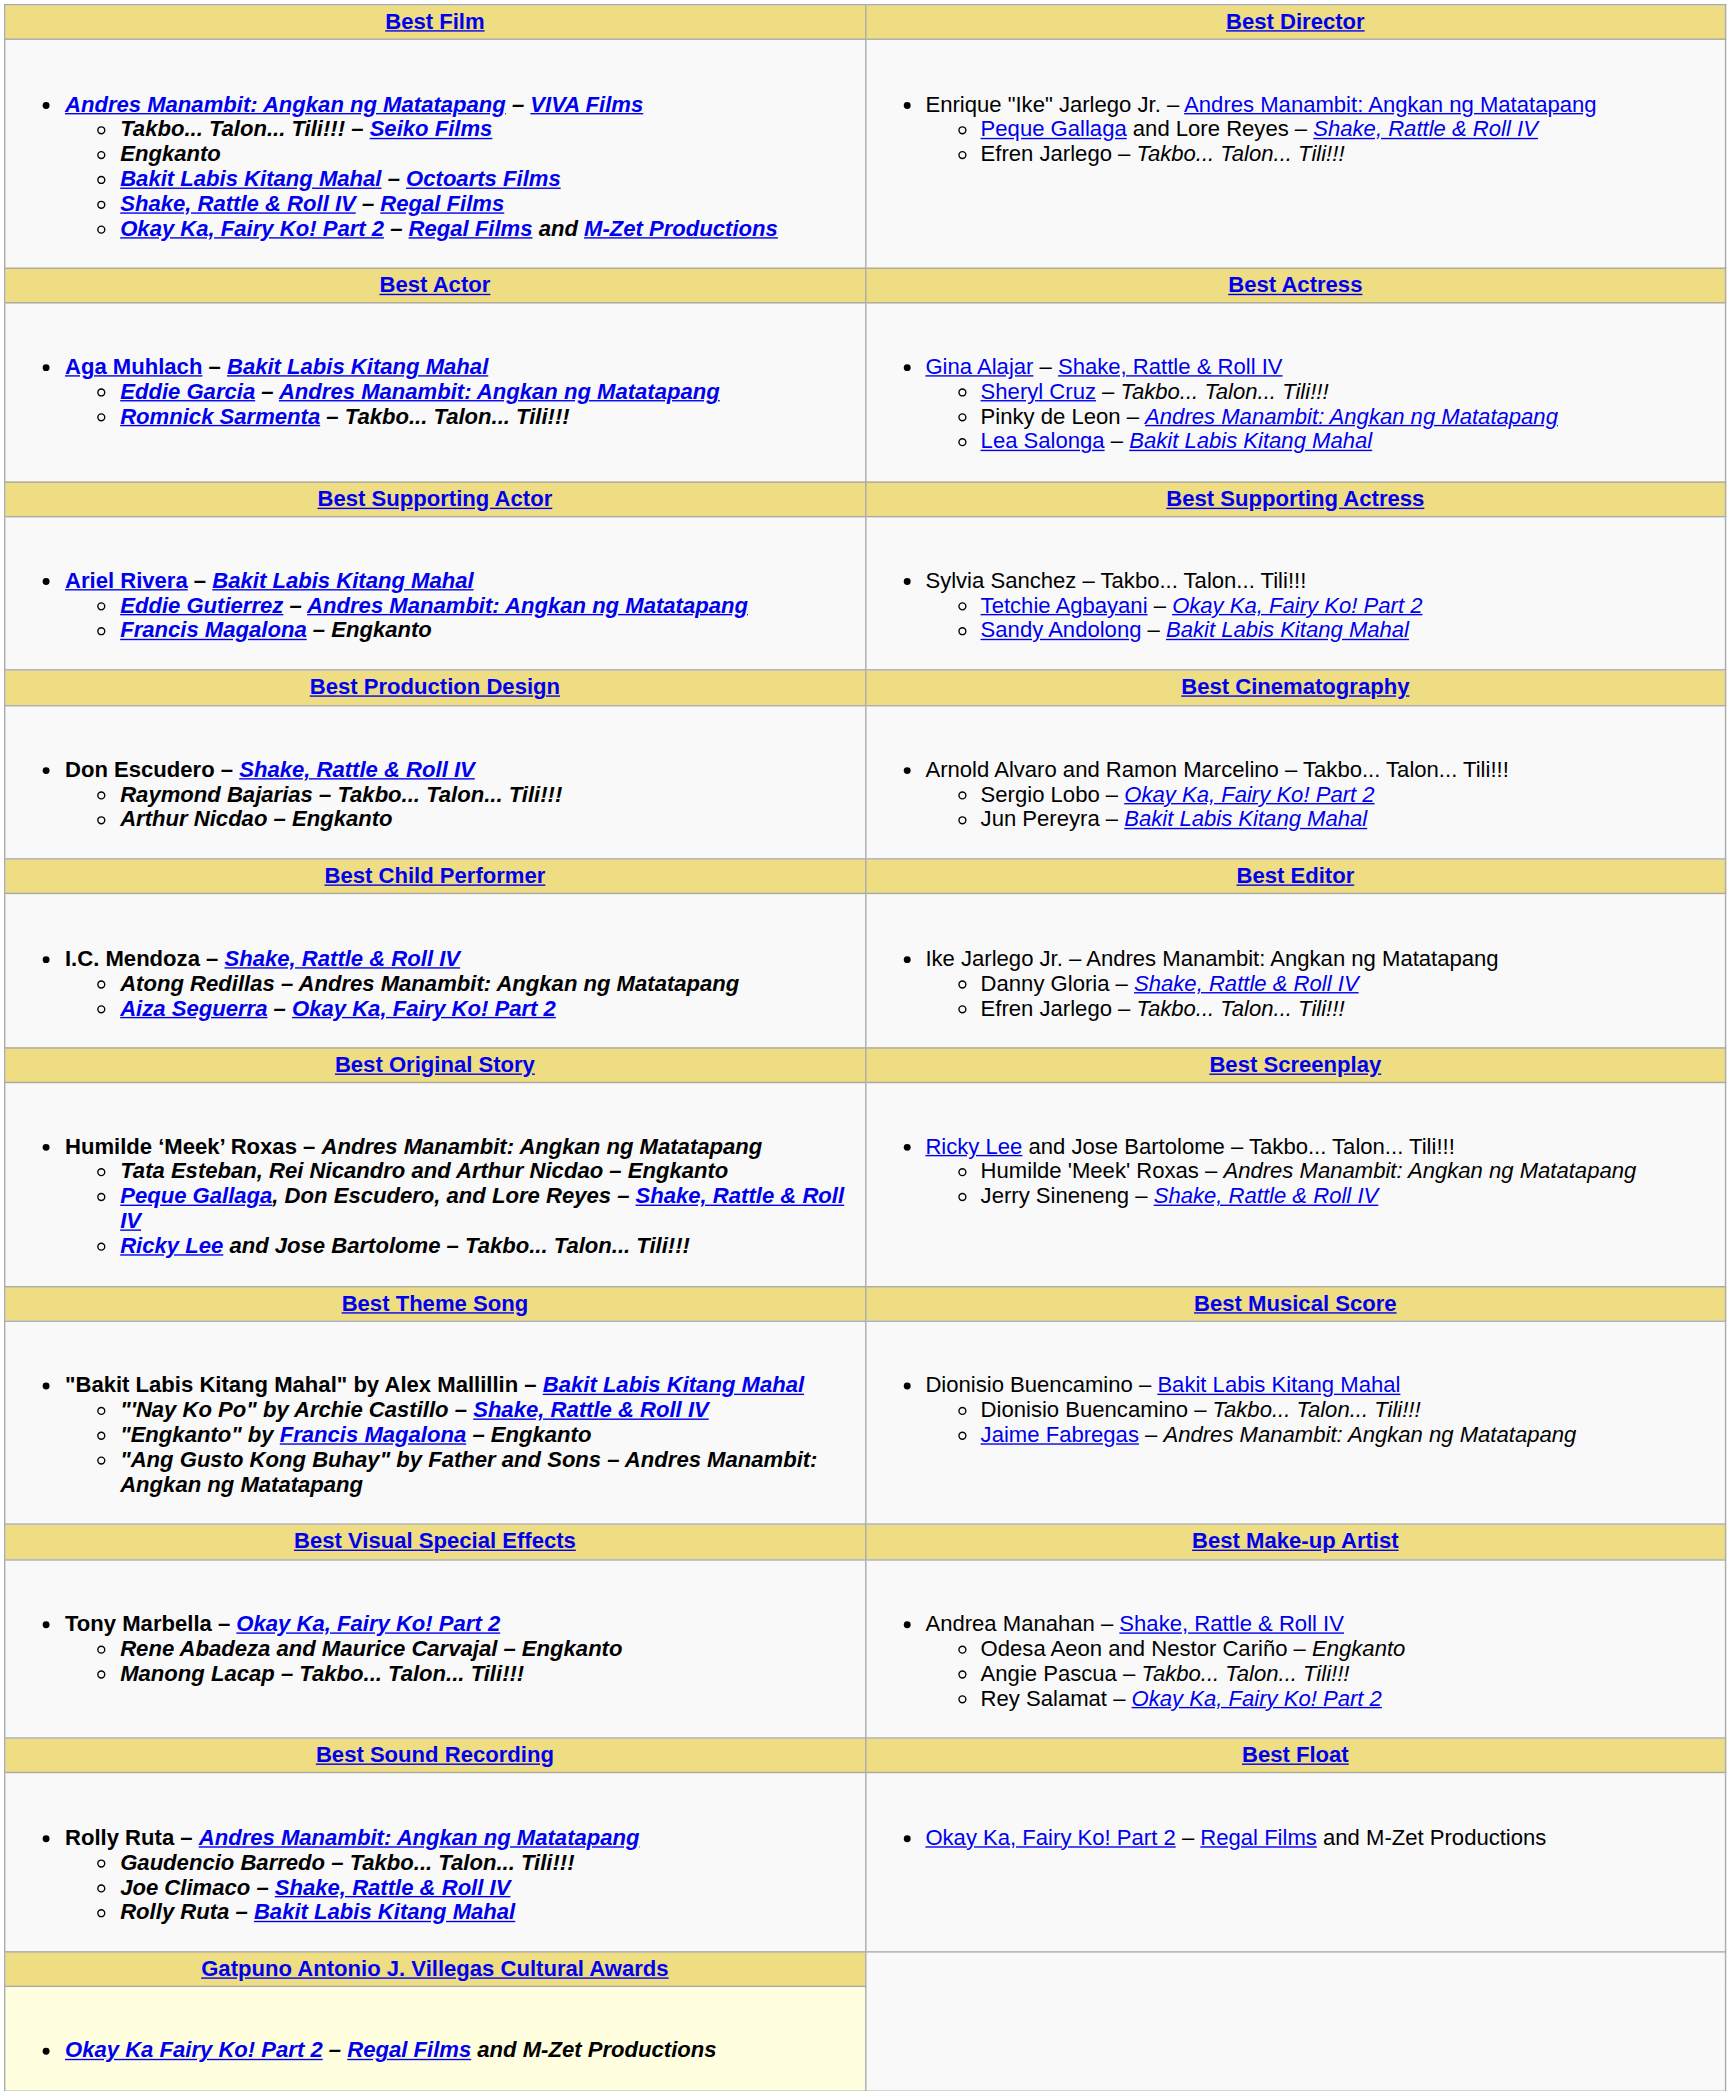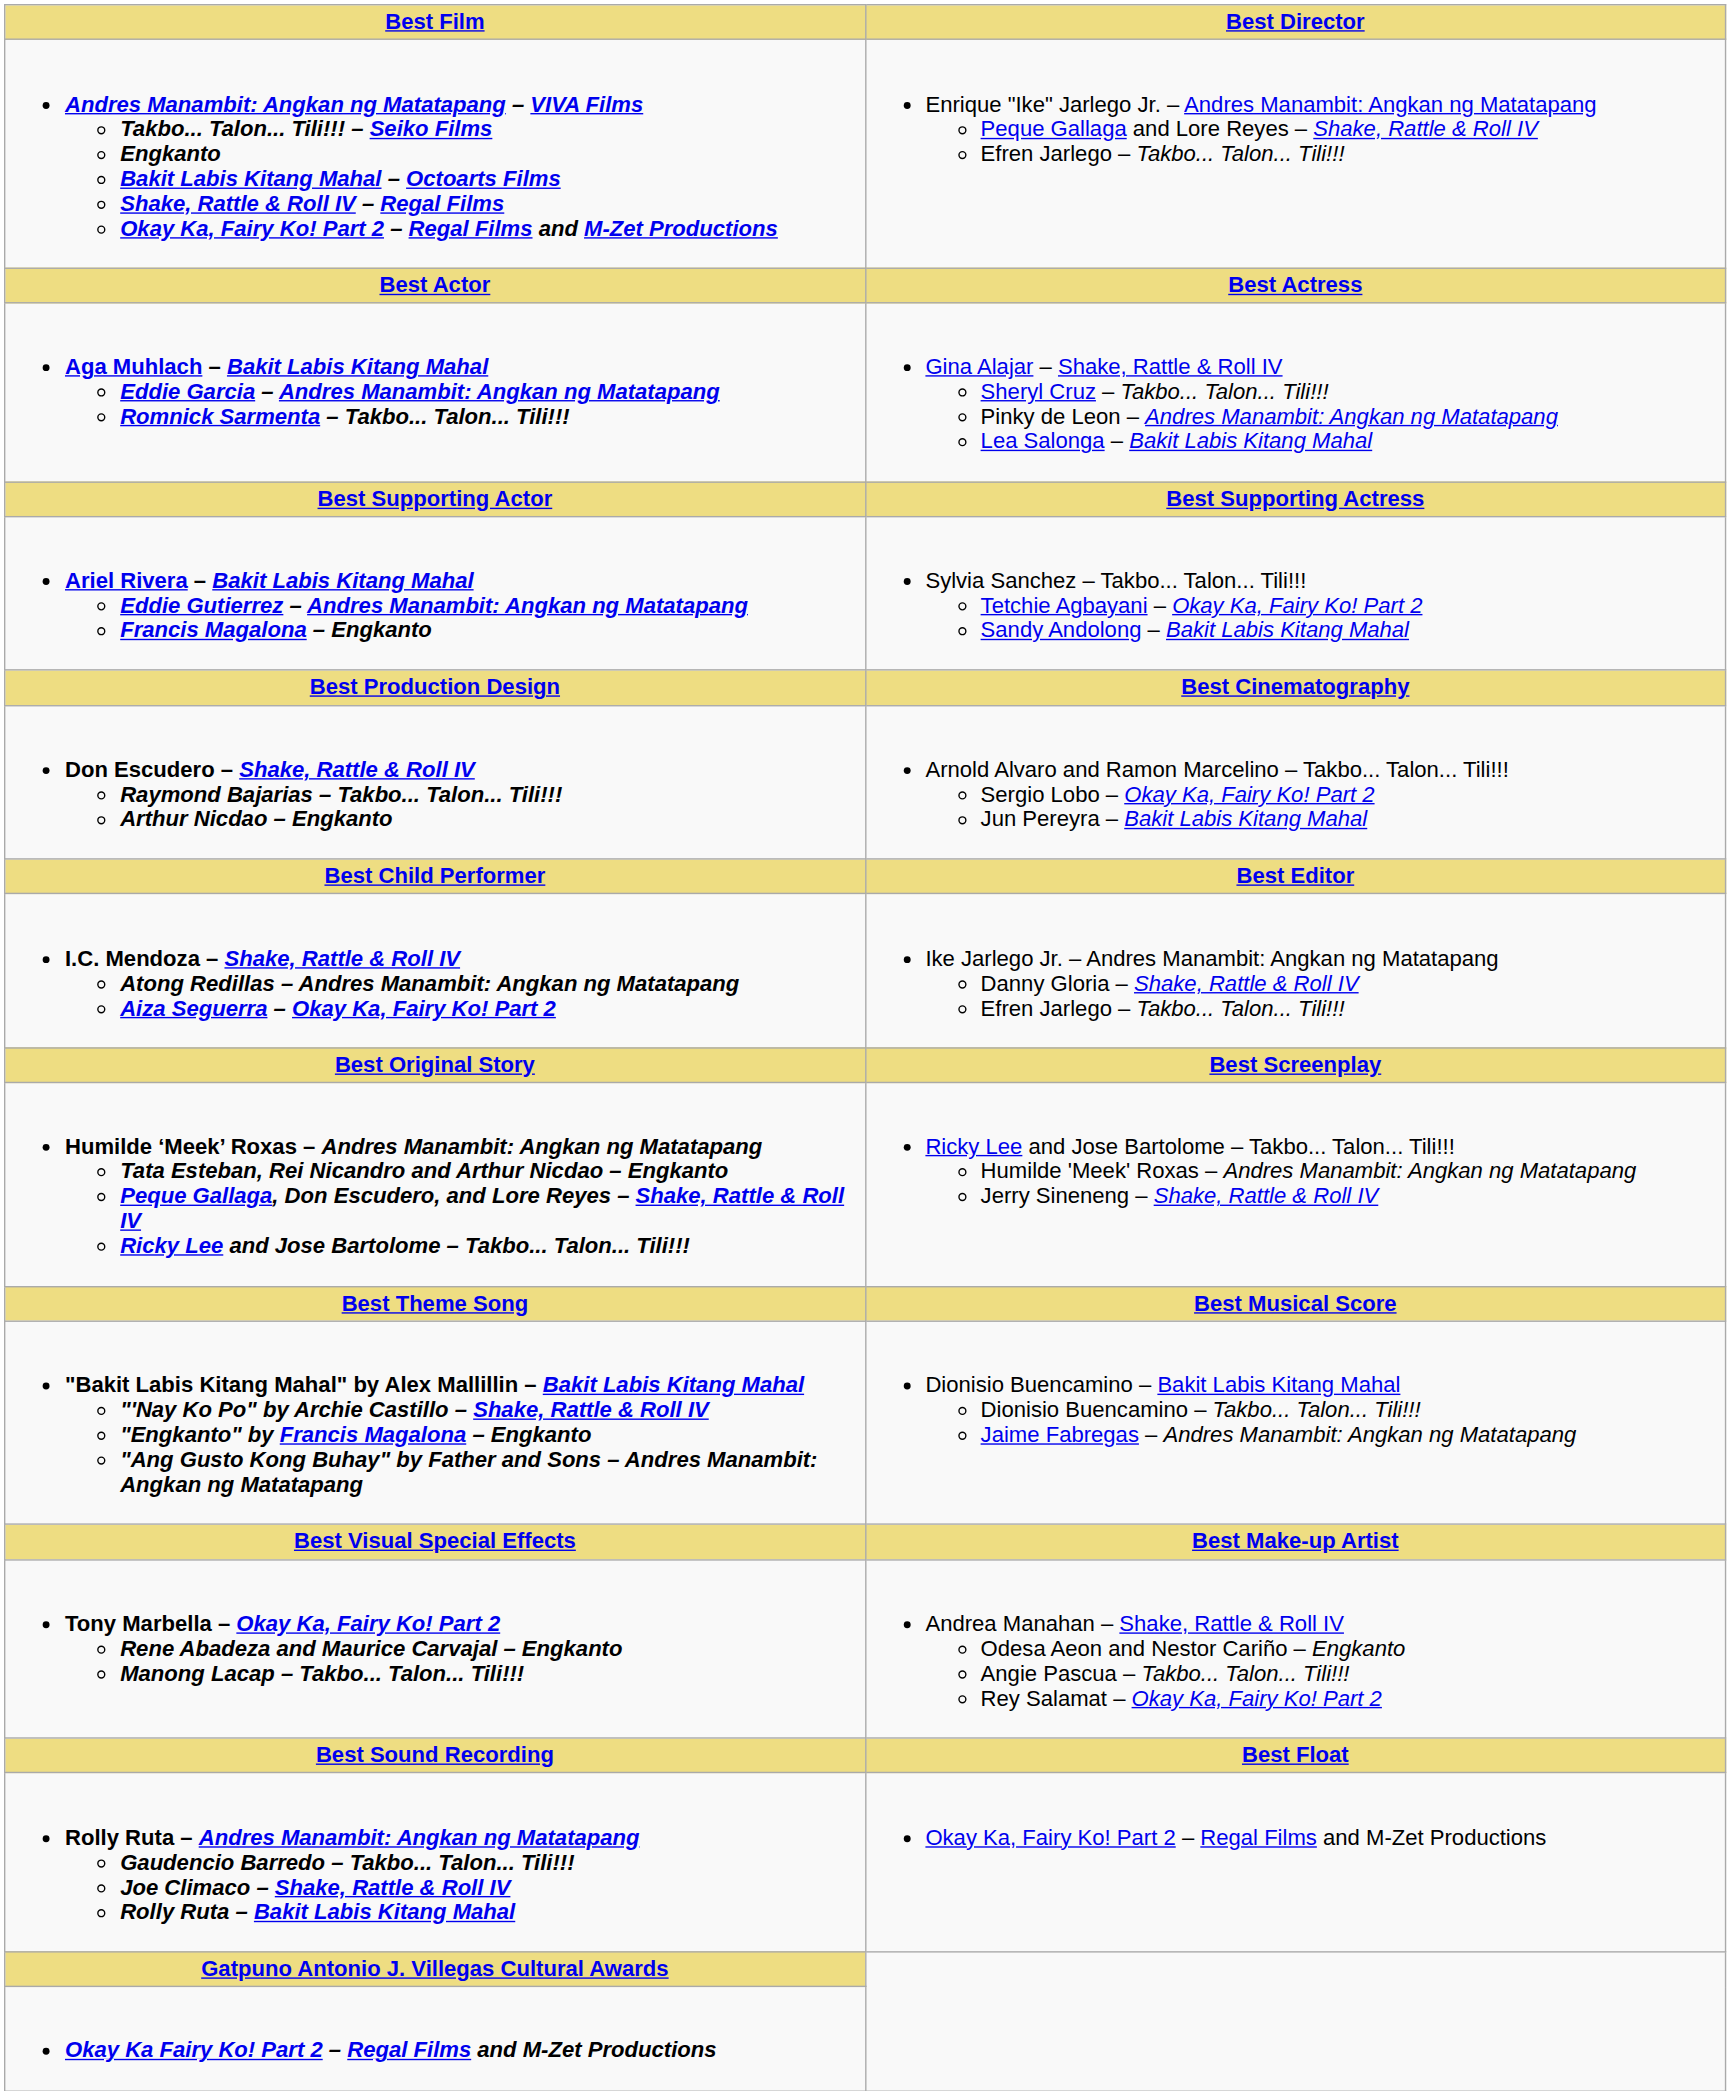 <table class=wikitable>
 <tr>
 <th style="background:#EEDD82; width:50%"><a href='#'>Best Film</a></th>
 <th style="background:#EEDD82; width:50%"><a href='#'>Best Director</a></th>
 </tr>
 <tr>
 <td valign="top"><br><ul><li><strong><em><a href='#'>Andres Manambit: Angkan ng Matatapang</a><em> – <a href='#'>VIVA Films</a><strong><ul><li></em>Takbo... Talon... Tili!!!<em> – <a href='#'>Seiko Films</a> </li><li></em>Engkanto<em> </li><li></em><a href='#'>Bakit Labis Kitang Mahal</a><em> – <a href='#'>Octoarts Films</a></li><li></em><a href='#'>Shake, Rattle & Roll IV</a><em> – <a href='#'>Regal Films</a></li><li></em><a href='#'>Okay Ka, Fairy Ko! Part 2</a><em> – <a href='#'>Regal Films</a> and <a href='#'>M-Zet Productions</a></li></ul></li></ul></td>
 <td valign="top"><br><ul><li></strong>Enrique "Ike" Jarlego Jr. – </em><a href='#'>Andres Manambit: Angkan ng Matatapang</a></em></strong><ul><li><a href='#'>Peque Gallaga</a> and Lore Reyes – <em><a href='#'>Shake, Rattle & Roll IV</a></em></li><li>Efren Jarlego – <em>Takbo... Talon... Tili!!!</em></li></ul></li></ul></td>
 </tr>
 <tr>
 <th style="background:#EEDD82; width:50%"><a href='#'>Best Actor</a></th>
 <th style="background:#EEDD82; width:50%"><a href='#'>Best Actress</a></th>
 </tr>
 <tr>
 <td valign="top"><br><ul><li><strong><a href='#'>Aga Muhlach</a> – <em><a href='#'>Bakit Labis Kitang Mahal</a><strong><em><ul><li><a href='#'>Eddie Garcia</a> – </em><a href='#'>Andres Manambit: Angkan ng Matatapang</a><em></li><li><a href='#'>Romnick Sarmenta</a> – </em>Takbo... Talon... Tili!!!<em></li></ul></li></ul></td>
 <td valign="top"><br><ul><li></strong><a href='#'>Gina Alajar</a> – </em><a href='#'>Shake, Rattle & Roll IV</a></em></strong><ul><li><a href='#'>Sheryl Cruz</a> – <em>Takbo... Talon... Tili!!!</em></li><li>Pinky de Leon – <em><a href='#'>Andres Manambit: Angkan ng Matatapang</a></em></li><li><a href='#'>Lea Salonga</a> – <em><a href='#'>Bakit Labis Kitang Mahal</a></em></li></ul></li></ul></td>
 </tr>
 <tr>
 <th style="background:#EEDD82; width:50%"><a href='#'>Best Supporting Actor</a></th>
 <th style="background:#EEDD82; width:50%"><a href='#'>Best Supporting Actress</a></th>
 </tr>
 <tr>
 <td valign="top"><br><ul><li><strong><a href='#'>Ariel Rivera</a> – <em><a href='#'>Bakit Labis Kitang Mahal</a><strong><em><ul><li><a href='#'>Eddie Gutierrez</a> – </em><a href='#'>Andres Manambit: Angkan ng Matatapang</a><em></li><li><a href='#'>Francis Magalona</a> – </em>Engkanto<em></li></ul></li></ul></td>
 <td valign="top"><br><ul><li></strong>Sylvia Sanchez – </em>Takbo... Talon... Tili!!!</em></strong><ul><li><a href='#'>Tetchie Agbayani</a> – <em><a href='#'>Okay Ka, Fairy Ko! Part 2</a></em></li><li><a href='#'>Sandy Andolong</a> – <em><a href='#'>Bakit Labis Kitang Mahal</a></em></li></ul></li></ul></td>
 </tr>
 <tr>
 <th style="background:#EEDD82; width:50%"><a href='#'>Best Production Design</a></th>
 <th style="background:#EEDD82; width:50%"><a href='#'>Best Cinematography</a></th>
 </tr>
 <tr>
 <td valign="top"><br><ul><li><strong>Don Escudero – <em><a href='#'>Shake, Rattle & Roll IV</a><strong><em><ul><li>Raymond Bajarias – </em>Takbo... Talon... Tili!!!<em></li><li>Arthur Nicdao – </em>Engkanto<em></li></ul></li></ul></td>
 <td valign="top"><br><ul><li></strong>Arnold Alvaro and Ramon Marcelino – </em>Takbo... Talon... Tili!!!</em></strong><ul><li>Sergio Lobo – <em><a href='#'>Okay Ka, Fairy Ko! Part 2</a></em></li><li>Jun Pereyra – <em><a href='#'>Bakit Labis Kitang Mahal</a></em></li></ul></li></ul></td>
 </tr>
 <tr>
 <th style="background:#EEDD82; width:50%"><a href='#'>Best Child Performer</a></th>
 <th style="background:#EEDD82; width:50%"><a href='#'>Best Editor</a></th>
 </tr>
 <tr>
 <td valign="top"><br><ul><li><strong>I.C. Mendoza – <em><a href='#'>Shake, Rattle & Roll IV</a><strong><em><ul><li>Atong Redillas – </em>Andres Manambit: Angkan ng Matatapang<em></li><li><a href='#'>Aiza Seguerra</a> – </em><a href='#'>Okay Ka, Fairy Ko! Part 2</a><em></li></ul></li></ul></td>
 <td valign="top"><br><ul><li></strong>Ike Jarlego Jr. – </em>Andres Manambit: Angkan ng Matatapang</em></strong><ul><li>Danny Gloria – <em><a href='#'>Shake, Rattle & Roll IV</a></em></li><li>Efren Jarlego – <em>Takbo... Talon... Tili!!!</em></li></ul></li></ul></td>
 </tr>
 <tr>
 <th style="background:#EEDD82; width:50%"><a href='#'>Best Original Story</a></th>
 <th style="background:#EEDD82; width:50%"><a href='#'>Best Screenplay</a></th>
 </tr>
 <tr>
 <td valign="top"><br><ul><li><strong>Humilde ‘Meek’ Roxas – <em>Andres Manambit: Angkan ng Matatapang<strong><em><ul><li>Tata Esteban, Rei Nicandro and Arthur Nicdao – </em>Engkanto<em></li><li><a href='#'>Peque Gallaga</a>, Don Escudero, and Lore Reyes – </em><a href='#'>Shake, Rattle & Roll IV</a><em></li><li><a href='#'>Ricky Lee</a> and Jose Bartolome – </em>Takbo... Talon... Tili!!!<em></li></ul></li></ul></td>
 <td valign="top"><br><ul><li></strong><a href='#'>Ricky Lee</a> and Jose Bartolome – </em>Takbo... Talon... Tili!!!</em></strong><ul><li>Humilde 'Meek' Roxas – <em>Andres Manambit: Angkan ng Matatapang</em></li><li>Jerry Sineneng – <em><a href='#'>Shake, Rattle & Roll IV</a></em></li></ul></li></ul></td>
 </tr>
 <tr>
 <th style="background:#EEDD82; width:50%"><a href='#'>Best Theme Song</a></th>
 <th style="background:#EEDD82; width:50%"><a href='#'>Best Musical Score</a></th>
 </tr>
 <tr>
 <td valign="top"><br><ul><li><strong>"Bakit Labis Kitang Mahal" by Alex Mallillin – <em><a href='#'>Bakit Labis Kitang Mahal</a><strong><em><ul><li>"'Nay Ko Po" by Archie Castillo – </em><a href='#'>Shake, Rattle & Roll IV</a><em></li><li>"Engkanto" by <a href='#'>Francis Magalona</a> – </em>Engkanto<em></li><li>"Ang Gusto Kong Buhay" by Father and Sons – </em>Andres Manambit: Angkan ng Matatapang<em></li></ul></li></ul></td>
 <td valign="top"><br><ul><li></strong>Dionisio Buencamino – </em><a href='#'>Bakit Labis Kitang Mahal</a></em></strong><ul><li>Dionisio Buencamino – <em>Takbo... Talon... Tili!!!</em></li><li><a href='#'>Jaime Fabregas</a> – <em>Andres Manambit: Angkan ng Matatapang</em></li></ul></li></ul></td>
 </tr>
 <tr>
 <th style="background:#EEDD82; width:50%"><a href='#'>Best Visual Special Effects</a></th>
 <th style="background:#EEDD82; width:50%"><a href='#'>Best Make-up Artist</a></th>
 </tr>
 <tr>
 <td valign="top"><br><ul><li><strong>Tony Marbella – <em><a href='#'>Okay Ka, Fairy Ko! Part 2</a><strong><em><ul><li>Rene Abadeza and Maurice Carvajal – </em>Engkanto<em></li><li>Manong Lacap – </em>Takbo... Talon... Tili!!!<em></li></ul></li></ul></td>
 <td valign="top"><br><ul><li></strong>Andrea Manahan – </em><a href='#'>Shake, Rattle & Roll IV</a></em></strong><ul><li>Odesa Aeon and Nestor Cariño – <em>Engkanto</em></li><li>Angie Pascua – <em>Takbo... Talon... Tili!!!</em></li><li>Rey Salamat – <em><a href='#'>Okay Ka, Fairy Ko! Part 2</a></em></li></ul></li></ul></td>
 </tr>
 <tr>
 <th style="background:#EEDD82; width:50%"><a href='#'>Best Sound Recording</a></th>
 <th style="background:#EEDD82; width:50%"><a href='#'>Best Float</a></th>
 </tr>
 <tr>
 <td valign="top"><br><ul><li><strong>Rolly Ruta – <em><a href='#'>Andres Manambit: Angkan ng Matatapang</a><strong><em><ul><li>Gaudencio Barredo – </em>Takbo... Talon... Tili!!!<em></li><li>Joe Climaco – </em><a href='#'>Shake, Rattle & Roll IV</a><em></li><li>Rolly Ruta – </em><a href='#'>Bakit Labis Kitang Mahal</a><em></li></ul></li></ul></td>
 <td valign="top"><br><ul><li></em></strong><a href='#'>Okay Ka, Fairy Ko! Part 2</a></em> – <a href='#'>Regal Films</a> and M-Zet Productions</strong></li></ul></td>
 </tr>
 <tr>
 <th style="background:#EEDD82; width:50%"><a href='#'>Gatpuno Antonio J. Villegas Cultural Awards</a></th>
 </tr>
 <tr>
-<td valign="top" style="background: lightyellow;"><br><ul><li><strong><em><a href='#'>Okay Ka Fairy Ko! Part 2</a><em> – <a href='#'>Regal Films</a> and M-Zet Productions<strong></li></ul></td>
+<td valign="top"><br><ul><li><strong><em><a href='#'>Okay Ka Fairy Ko! Part 2</a><em> – <a href='#'>Regal Films</a> and M-Zet Productions<strong></li></ul></td>
 </tr>
 </table>
